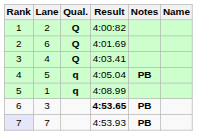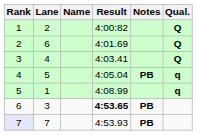 <table class="wikitable" style="text-align:center">
 <tr>
 <th>Rank</th>
 <th>Lane</th>
-<th>Qual.</th>
+<th>Name</th>
 <th>Result</th>
 <th>Notes</th>
-<th>Name</th>
+<th>Qual.</th>
 </tr>
 <tr bgcolor=ccffcc>
 <td>1</td>
 <td>2</td>
-<td><strong>Q</strong></td>
+<td align="left"></td>
 <td>4:00:82</td>
 <td></td>
-<td align="left"></td>
+<td><strong>Q</strong></td>
 </tr>
 <tr bgcolor=ccffcc>
 <td>2</td>
 <td>6</td>
-<td><strong>Q</strong></td>
+<td align="left"></td>
 <td>4:01.69</td>
 <td></td>
-<td align="left"></td>
+<td><strong>Q</strong></td>
 </tr>
 <tr bgcolor=ccffcc>
 <td>3</td>
 <td>4</td>
-<td><strong>Q</strong></td>
+<td align="left"></td>
 <td>4:03.41</td>
 <td></td>
-<td align="left"></td>
+<td><strong>Q</strong></td>
 </tr>
 <tr bgcolor=ccffcc>
 <td>4</td>
 <td>5</td>
-<td><strong>q</strong></td>
+<td align="left"></td>
 <td>4:05.04</td>
 <td><strong>PB</strong></td>
-<td align="left"></td>
+<td><strong>q</strong></td>
 </tr>
 <tr bgcolor=ccffcc>
 <td>5</td>
 <td>1</td>
-<td><strong>q</strong></td>
+<td align="left"></td>
 <td>4:08.99</td>
 <td></td>
-<td align="left"></td>
+<td><strong>q</strong></td>
 </tr>
 <tr>
 <td>6</td>
 <td>3</td>
-<td></td>
+<td align="left"></td>
 <td><strong>4:53.65</strong></td>
 <td><strong>PB</strong></td>
-<td align="left"></td>
+<td></td>
 </tr>
 <tr>
 <td style="background: lavender;">7</td>
 <td>7</td>
-<td></td>
+<td align="left"></td>
 <td>4:53.93</td>
 <td><strong>PB</strong></td>
-<td align="left"></td>
+<td></td>
 </tr>
 </table>
